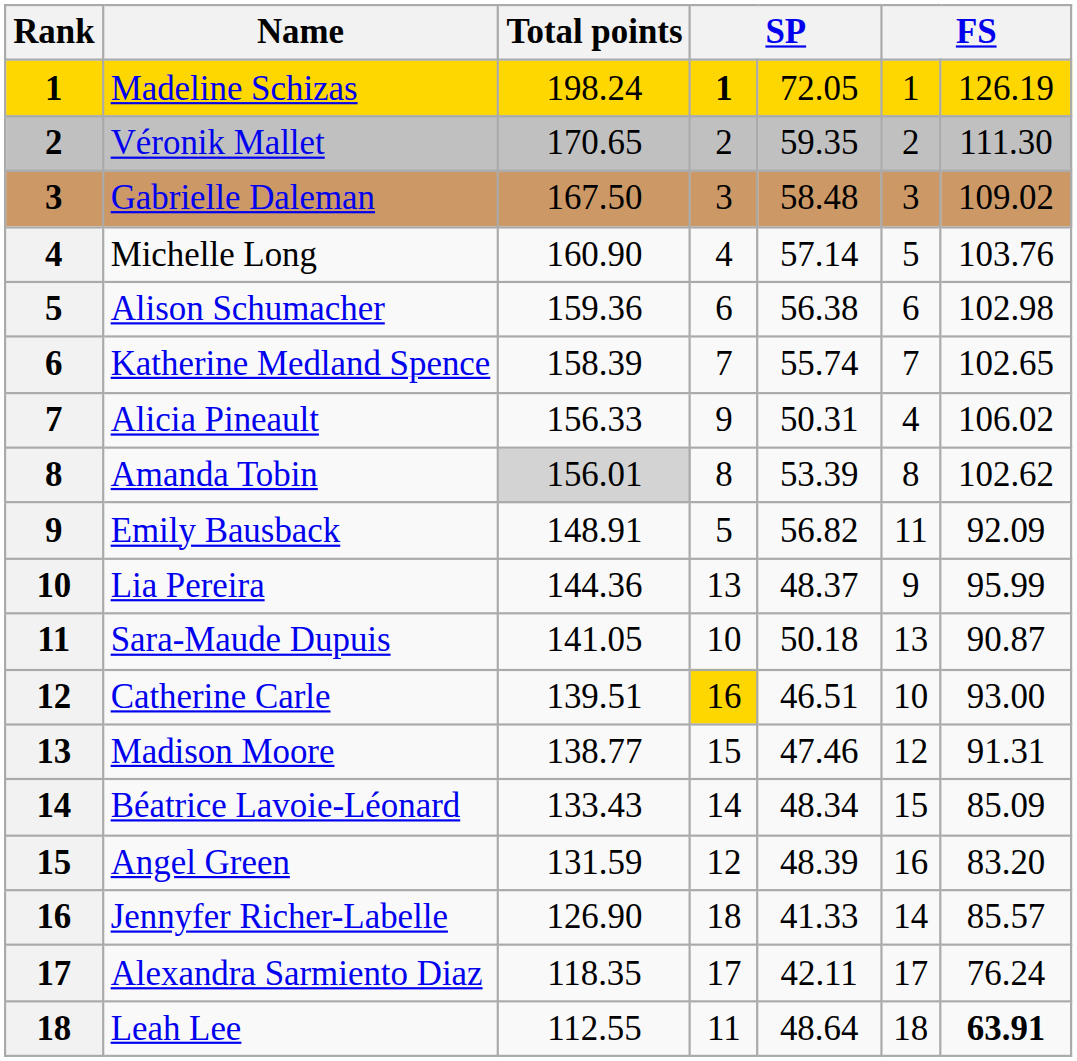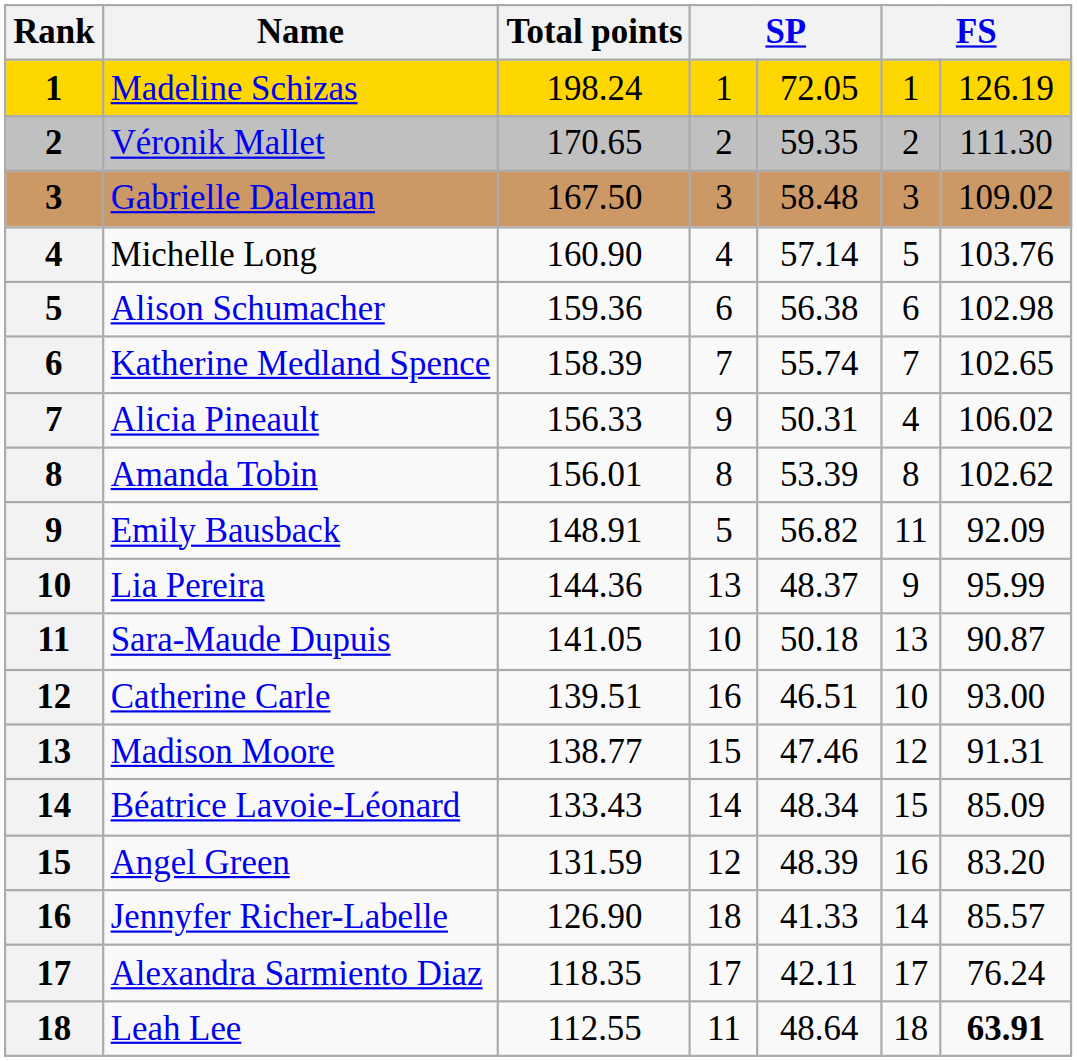 <table class="wikitable sortable">
 <tr>
 <th>Rank</th>
 <th>Name</th>
 <th>Total points</th>
 <th colspan="2" width="80px"><a href='#'>SP</a></th>
 <th colspan="2" width="80px"><a href='#'>FS</a></th>
 </tr>
 <tr bgcolor="gold">
 <td align="center"><strong>1</strong></td>
 <td><a href='#'>Madeline Schizas</a></td>
 <td align="center">198.24</td>
-<td align="center"><strong>1</strong></td>
+<td align="center">1</td>
 <td align="center">72.05</td>
 <td align="center">1</td>
 <td align="center">126.19</td>
 </tr>
 <tr bgcolor="silver">
 <td align="center"><strong>2</strong></td>
 <td><a href='#'>Véronik Mallet</a></td>
 <td align="center">170.65</td>
 <td align="center">2</td>
 <td align="center">59.35</td>
 <td align="center">2</td>
 <td align="center">111.30</td>
 </tr>
 <tr bgcolor="cc9966">
 <td align="center"><strong>3</strong></td>
 <td><a href='#'>Gabrielle Daleman</a></td>
 <td align="center">167.50</td>
 <td align="center">3</td>
 <td align="center">58.48</td>
 <td align="center">3</td>
 <td align="center">109.02</td>
 </tr>
 <tr>
 <th>4</th>
 <td>Michelle Long</td>
 <td align="center">160.90</td>
 <td align="center">4</td>
 <td align="center">57.14</td>
 <td align="center">5</td>
 <td align="center">103.76</td>
 </tr>
 <tr>
 <th>5</th>
 <td><a href='#'>Alison Schumacher</a></td>
 <td align="center">159.36</td>
 <td align="center">6</td>
 <td align="center">56.38</td>
 <td align="center">6</td>
 <td align="center">102.98</td>
 </tr>
 <tr>
 <th>6</th>
 <td><a href='#'>Katherine Medland Spence</a></td>
 <td align="center">158.39</td>
 <td align="center">7</td>
 <td align="center">55.74</td>
 <td align="center">7</td>
 <td align="center">102.65</td>
 </tr>
 <tr>
 <th>7</th>
 <td><a href='#'>Alicia Pineault</a></td>
 <td align="center">156.33</td>
 <td align="center">9</td>
 <td align="center">50.31</td>
 <td align="center">4</td>
 <td align="center">106.02</td>
 </tr>
 <tr>
 <th>8</th>
 <td><a href='#'>Amanda Tobin</a></td>
-<td align="center" style="background: lightgrey;">156.01</td>
+<td align="center">156.01</td>
 <td align="center">8</td>
 <td align="center">53.39</td>
 <td align="center">8</td>
 <td align="center">102.62</td>
 </tr>
 <tr>
 <th>9</th>
 <td><a href='#'>Emily Bausback</a></td>
 <td align="center">148.91</td>
 <td align="center">5</td>
 <td align="center">56.82</td>
 <td align="center">11</td>
 <td align="center">92.09</td>
 </tr>
 <tr>
 <th>10</th>
 <td><a href='#'>Lia Pereira</a></td>
 <td align="center">144.36</td>
 <td align="center">13</td>
 <td align="center">48.37</td>
 <td align="center">9</td>
 <td align="center">95.99</td>
 </tr>
 <tr>
 <th>11</th>
 <td><a href='#'>Sara-Maude Dupuis</a></td>
 <td align="center">141.05</td>
 <td align="center">10</td>
 <td align="center">50.18</td>
 <td align="center">13</td>
 <td align="center">90.87</td>
 </tr>
 <tr>
 <th>12</th>
 <td><a href='#'>Catherine Carle</a></td>
 <td align="center">139.51</td>
-<td align="center" style="background: gold;">16</td>
+<td align="center">16</td>
 <td align="center">46.51</td>
 <td align="center">10</td>
 <td align="center">93.00</td>
 </tr>
 <tr>
 <th>13</th>
 <td><a href='#'>Madison Moore</a></td>
 <td align="center">138.77</td>
 <td align="center">15</td>
 <td align="center">47.46</td>
 <td align="center">12</td>
 <td align="center">91.31</td>
 </tr>
 <tr>
 <th>14</th>
 <td><a href='#'>Béatrice Lavoie-Léonard</a></td>
 <td align="center">133.43</td>
 <td align="center">14</td>
 <td align="center">48.34</td>
 <td align="center">15</td>
 <td align="center">85.09</td>
 </tr>
 <tr>
 <th>15</th>
 <td><a href='#'>Angel Green</a></td>
 <td align="center">131.59</td>
 <td align="center">12</td>
 <td align="center">48.39</td>
 <td align="center">16</td>
 <td align="center">83.20</td>
 </tr>
 <tr>
 <th>16</th>
 <td><a href='#'>Jennyfer Richer-Labelle</a></td>
 <td align="center">126.90</td>
 <td align="center">18</td>
 <td align="center">41.33</td>
 <td align="center">14</td>
 <td align="center">85.57</td>
 </tr>
 <tr>
 <th>17</th>
 <td><a href='#'>Alexandra Sarmiento Diaz</a></td>
 <td align="center">118.35</td>
 <td align="center">17</td>
 <td align="center">42.11</td>
 <td align="center">17</td>
 <td align="center">76.24</td>
 </tr>
 <tr>
 <th>18</th>
 <td><a href='#'>Leah Lee</a></td>
 <td align="center">112.55</td>
 <td align="center">11</td>
 <td align="center">48.64</td>
 <td align="center">18</td>
 <td align="center"><strong>63.91</strong></td>
 </tr>
 </table>
